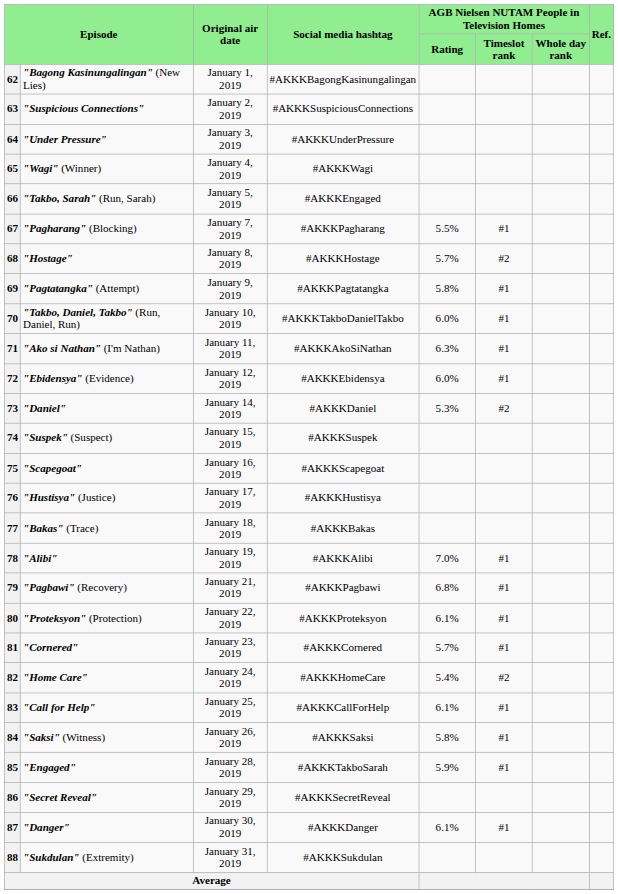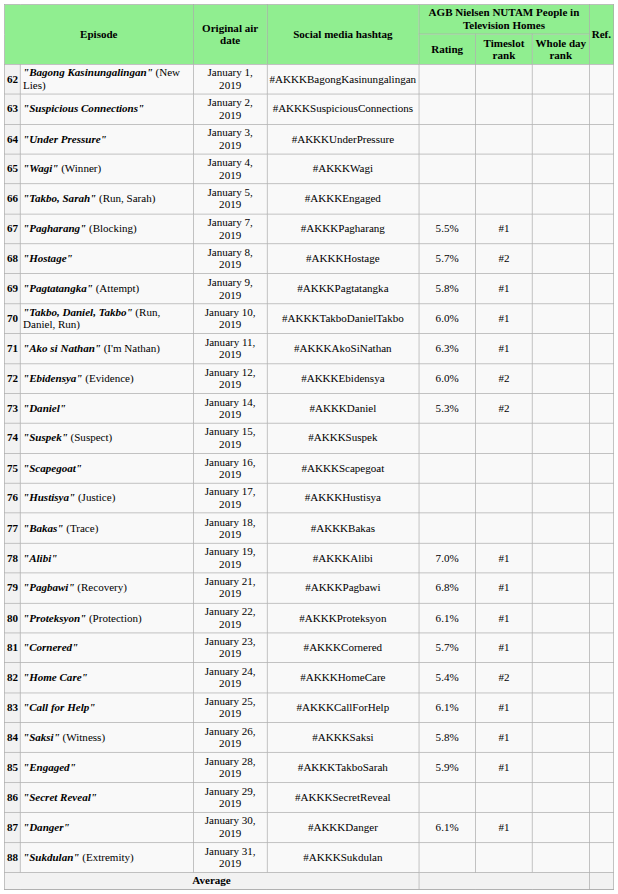 <table class="wikitable" style="text-align:center; font-size:100%; line-height:18px;" width="100%">
 <tr>
 <th style="background-color:#90EE90; color:black;" colspan="2" rowspan="2">Episode</th>
 <th style="background-color:#90EE90; color:black" rowspan="2">Original air date</th>
 <th style="background-color:#90EE90; color:black" rowspan="2">Social media hashtag</th>
 <th style="background-color:#90EE90; color:black;" colspan="3">AGB Nielsen NUTAM People in Television Homes</th>
 <th style="background-color:#90EE90;  color:black;" rowspan="2">Ref.</th>
 </tr>
 <tr>
 <th style="background-color:#90EE90; width:75px; color:black;">Rating</th>
 <th style="background-color:#90EE90;  width:75px; color:black;">Timeslot<br>rank</th>
 <th style="background-color:#90EE90; width:75px; color:black;">Whole day<br>rank</th>
 </tr>
 <tr>
 <th>62</th>
 <td style="text-align: left;"><strong><em>"Bagong Kasinungalingan"</em></strong> (New Lies)</td>
 <td>January 1, 2019</td>
 <td>#AKKKBagongKasinungalingan</td>
 <td></td>
 <td></td>
 <td></td>
 <td></td>
 </tr>
 <tr>
 <th>63</th>
 <td style="text-align: left;"><strong><em>"Suspicious Connections"</em></strong></td>
 <td>January 2, 2019</td>
 <td>#AKKKSuspiciousConnections</td>
 <td></td>
 <td></td>
 <td></td>
 <td></td>
 </tr>
 <tr>
 <th>64</th>
 <td style="text-align: left;"><strong><em>"Under Pressure"</em></strong></td>
 <td>January 3, 2019</td>
 <td>#AKKKUnderPressure</td>
 <td></td>
 <td></td>
 <td></td>
 <td></td>
 </tr>
 <tr>
 <th>65</th>
 <td style="text-align: left;"><strong><em>"Wagi"</em></strong> (Winner)</td>
 <td>January 4, 2019</td>
 <td>#AKKKWagi</td>
 <td></td>
 <td></td>
 <td></td>
 <td></td>
 </tr>
 <tr>
 <th>66</th>
 <td style="text-align: left;"><strong><em>"Takbo, Sarah"</em></strong> (Run, Sarah)</td>
 <td>January 5, 2019</td>
 <td>#AKKKEngaged</td>
 <td></td>
 <td></td>
 <td></td>
 <td></td>
 </tr>
 <tr>
 <th>67</th>
 <td style="text-align: left;"><strong><em>"Pagharang"</em></strong> (Blocking)</td>
 <td>January 7, 2019</td>
 <td>#AKKKPagharang</td>
 <td>5.5%</td>
 <td>#1</td>
 <td></td>
 <td></td>
 </tr>
 <tr>
 <th>68</th>
 <td style="text-align: left;"><strong><em>"Hostage"</em></strong></td>
 <td>January 8, 2019</td>
 <td>#AKKKHostage</td>
 <td>5.7%</td>
 <td>#2</td>
 <td></td>
 <td></td>
 </tr>
 <tr>
 <th>69</th>
 <td style="text-align: left;"><strong><em>"Pagtatangka"</em></strong> (Attempt)</td>
 <td>January 9, 2019</td>
 <td>#AKKKPagtatangka</td>
 <td>5.8%</td>
 <td>#1</td>
 <td></td>
 <td></td>
 </tr>
 <tr>
 <th>70</th>
 <td style="text-align: left;"><strong><em>"Takbo, Daniel, Takbo"</em></strong> (Run, Daniel, Run)</td>
 <td>January 10, 2019</td>
 <td>#AKKKTakboDanielTakbo</td>
 <td>6.0%</td>
 <td>#1</td>
 <td></td>
 <td></td>
 </tr>
 <tr>
 <th>71</th>
 <td style="text-align: left;"><strong><em>"Ako si Nathan"</em></strong> (I'm Nathan)</td>
 <td>January 11, 2019</td>
 <td>#AKKKAkoSiNathan</td>
 <td>6.3%</td>
 <td>#1</td>
 <td></td>
 <td></td>
 </tr>
 <tr>
 <th>72</th>
 <td style="text-align: left;"><strong><em>"Ebidensya"</em></strong> (Evidence)</td>
 <td>January 12, 2019</td>
 <td>#AKKKEbidensya</td>
 <td>6.0%</td>
-<td>#1</td>
+<td>#2</td>
 <td></td>
 <td></td>
 </tr>
 <tr>
 <th>73</th>
 <td style="text-align: left;"><strong><em>"Daniel"</em></strong></td>
 <td>January 14, 2019</td>
 <td>#AKKKDaniel</td>
 <td>5.3%</td>
 <td>#2</td>
 <td></td>
 <td></td>
 </tr>
 <tr>
 <th>74</th>
 <td style="text-align: left;"><strong><em>"Suspek"</em></strong> (Suspect)</td>
 <td>January 15, 2019</td>
 <td>#AKKKSuspek</td>
 <td></td>
 <td></td>
 <td></td>
 <td></td>
 </tr>
 <tr>
 <th>75</th>
 <td style="text-align: left;"><strong><em>"Scapegoat"</em></strong></td>
 <td>January 16, 2019</td>
 <td>#AKKKScapegoat</td>
 <td></td>
 <td></td>
 <td></td>
 <td></td>
 </tr>
 <tr>
 <th>76</th>
 <td style="text-align: left;"><strong><em>"Hustisya"</em></strong> (Justice)</td>
 <td>January 17, 2019</td>
 <td>#AKKKHustisya</td>
 <td></td>
 <td></td>
 <td></td>
 <td></td>
 </tr>
 <tr>
 <th>77</th>
 <td style="text-align: left;"><strong><em>"Bakas"</em></strong> (Trace)</td>
 <td>January 18, 2019</td>
 <td>#AKKKBakas</td>
 <td></td>
 <td></td>
 <td></td>
 <td></td>
 </tr>
 <tr>
 <th>78</th>
 <td style="text-align: left;"><strong><em>"Alibi"</em></strong></td>
 <td>January 19, 2019</td>
 <td>#AKKKAlibi</td>
 <td>7.0%</td>
 <td>#1</td>
 <td></td>
 <td></td>
 </tr>
 <tr>
 <th>79</th>
 <td style="text-align: left;"><strong><em>"Pagbawi"</em></strong> (Recovery)</td>
 <td>January 21, 2019</td>
 <td>#AKKKPagbawi</td>
 <td>6.8%</td>
 <td>#1</td>
 <td></td>
 <td></td>
 </tr>
 <tr>
 <th>80</th>
 <td style="text-align: left;"><strong><em>"Proteksyon"</em></strong> (Protection)</td>
 <td>January 22, 2019</td>
 <td>#AKKKProteksyon</td>
 <td>6.1%</td>
 <td>#1</td>
 <td></td>
 <td></td>
 </tr>
 <tr>
 <th>81</th>
 <td style="text-align: left;"><strong><em>"Cornered"</em></strong></td>
 <td>January 23, 2019</td>
 <td>#AKKKCornered</td>
 <td>5.7%</td>
 <td>#1</td>
 <td></td>
 <td></td>
 </tr>
 <tr>
 <th>82</th>
 <td style="text-align: left;"><strong><em>"Home Care"</em></strong></td>
 <td>January 24, 2019</td>
 <td>#AKKKHomeCare</td>
 <td>5.4%</td>
 <td>#2</td>
 <td></td>
 <td></td>
 </tr>
 <tr>
 <th>83</th>
 <td style="text-align: left;"><strong><em>"Call for Help"</em></strong></td>
 <td>January 25, 2019</td>
 <td>#AKKKCallForHelp</td>
 <td>6.1%</td>
 <td>#1</td>
 <td></td>
 <td></td>
 </tr>
 <tr>
 <th>84</th>
 <td style="text-align: left;"><strong><em>"Saksi"</em></strong> (Witness)</td>
 <td>January 26, 2019</td>
 <td>#AKKKSaksi</td>
 <td>5.8%</td>
 <td>#1</td>
 <td></td>
 <td></td>
 </tr>
 <tr>
 <th>85</th>
 <td style="text-align: left;"><strong><em>"Engaged"</em></strong></td>
 <td>January 28, 2019</td>
 <td>#AKKKTakboSarah</td>
 <td>5.9%</td>
 <td>#1</td>
 <td></td>
 <td></td>
 </tr>
 <tr>
 <th>86</th>
 <td style="text-align: left;"><strong><em>"Secret Reveal"</em></strong></td>
 <td>January 29, 2019</td>
 <td>#AKKKSecretReveal</td>
 <td></td>
 <td></td>
 <td></td>
 <td></td>
 </tr>
 <tr>
 <th>87</th>
 <td style="text-align: left;"><strong><em>"Danger"</em></strong></td>
 <td>January 30, 2019</td>
 <td>#AKKKDanger</td>
 <td>6.1%</td>
 <td>#1</td>
 <td></td>
 <td></td>
 </tr>
 <tr>
 <th>88</th>
 <td style="text-align: left;"><strong><em>"Sukdulan"</em></strong> (Extremity)</td>
 <td>January 31, 2019</td>
 <td>#AKKKSukdulan</td>
 <td></td>
 <td></td>
 <td></td>
 <td></td>
 </tr>
 <tr>
 <th colspan="4">Average</th>
 <th colspan="3"></th>
 <th></th>
 </tr>
 <tr>
 </tr>
 </table>
